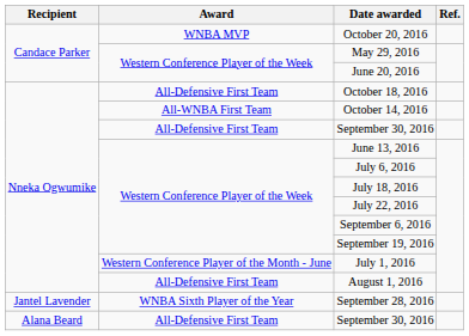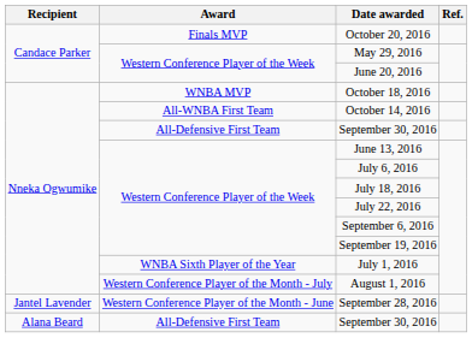 <table class="wikitable sortable sortable" style="text-align: center">
 <tr>
 <th>Recipient</th>
 <th>Award</th>
 <th>Date awarded</th>
 <th>Ref.</th>
 </tr>
 <tr>
 <td rowspan=3><a href='#'>Candace Parker</a></td>
-<td><a href='#'>WNBA MVP</a></td>
+<td><a href='#'>Finals MVP</a></td>
 <td>October 20, 2016</td>
 <td></td>
 </tr>
 <tr>
 <td rowspan=2><a href='#'>Western Conference Player of the Week</a></td>
 <td>May 29, 2016</td>
 <td rowspan=2></td>
 </tr>
 <tr>
 <td>June 20, 2016</td>
 </tr>
 <tr>
 <td rowspan=11><a href='#'>Nneka Ogwumike</a></td>
-<td><a href='#'>All-Defensive First Team</a></td>
+<td><a href='#'>WNBA MVP</a></td>
 <td>October 18, 2016</td>
 <td></td>
 </tr>
 <tr>
 <td><a href='#'>All-WNBA First Team</a></td>
 <td>October 14, 2016</td>
 <td></td>
 </tr>
 <tr>
 <td><a href='#'>All-Defensive First Team</a></td>
 <td>September 30, 2016</td>
 <td></td>
 </tr>
 <tr>
 <td rowspan=6><a href='#'>Western Conference Player of the Week</a></td>
 <td>June 13, 2016</td>
 <td rowspan=8></td>
 </tr>
 <tr>
 <td>July 6, 2016</td>
 </tr>
 <tr>
 <td>July 18, 2016</td>
 </tr>
 <tr>
 <td>July 22, 2016</td>
 </tr>
 <tr>
 <td>September 6, 2016</td>
 </tr>
 <tr>
 <td>September 19, 2016</td>
 </tr>
 <tr>
-<td><a href='#'>Western Conference Player of the Month - June</a></td>
+<td><a href='#'>WNBA Sixth Player of the Year</a></td>
 <td>July 1, 2016</td>
 </tr>
 <tr>
-<td><a href='#'>All-Defensive First Team</a></td>
+<td><a href='#'>Western Conference Player of the Month - July</a></td>
 <td>August 1, 2016</td>
 </tr>
 <tr>
 <td><a href='#'>Jantel Lavender</a></td>
-<td><a href='#'>WNBA Sixth Player of the Year</a></td>
+<td><a href='#'>Western Conference Player of the Month - June</a></td>
 <td>September 28, 2016</td>
 <td></td>
 </tr>
 <tr>
 <td><a href='#'>Alana Beard</a></td>
 <td><a href='#'>All-Defensive First Team</a></td>
 <td>September 30, 2016</td>
 <td></td>
 </tr>
 </table>
